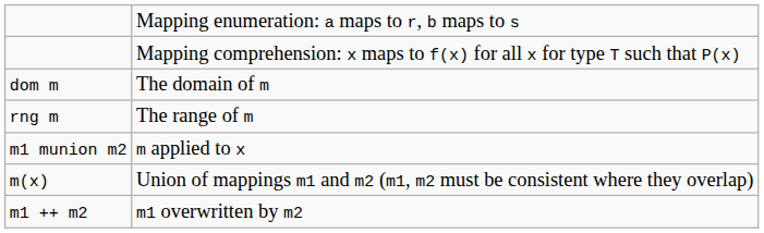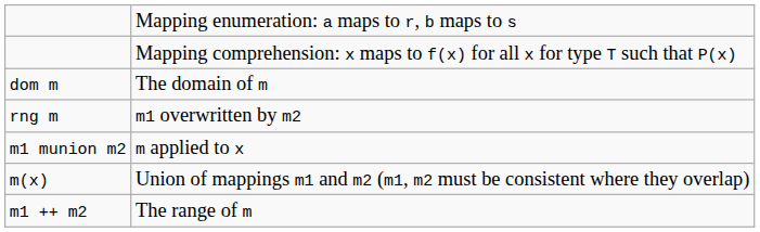 <table border="1" class="wikitable">
 <tr>
 <td><code></code></td>
 <td>Mapping enumeration: <code>a</code> maps to <code>r</code>, <code>b</code> maps to <code>s</code></td>
 </tr>
 <tr>
 <td><code></code></td>
 <td>Mapping comprehension: <code>x</code> maps to <code>f(x)</code> for all <code>x</code> for type <code>T</code> such that <code>P(x)</code></td>
 </tr>
 <tr>
 <td><code>dom m</code></td>
 <td>The domain of <code>m</code></td>
 </tr>
 <tr>
 <td><code>rng m</code></td>
-<td>The range of <code>m</code></td>
+<td><code>m1</code> overwritten by <code>m2</code></td>
 </tr>
 <tr>
 <td><code>m1 munion m2</code></td>
 <td><code>m</code> applied to <code>x</code></td>
 </tr>
 <tr>
 <td><code>m(x)</code></td>
 <td>Union of mappings <code>m1</code> and <code>m2</code> (<code>m1</code>, <code>m2</code> must be consistent where they overlap)</td>
 </tr>
 <tr>
 <td><code>m1 ++ m2</code></td>
-<td><code>m1</code> overwritten by <code>m2</code></td>
+<td>The range of <code>m</code></td>
 </tr>
 </table>
